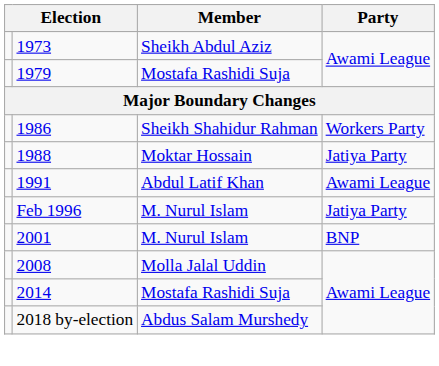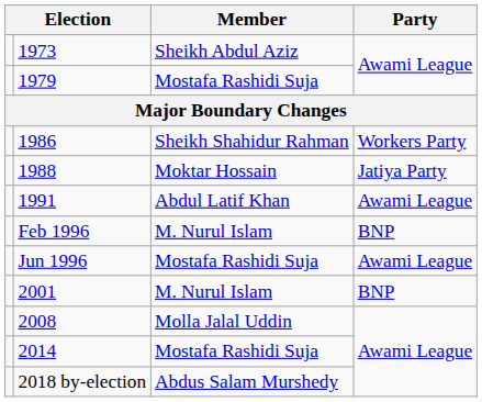 <table class="wikitable">
 <tr>
 <th colspan="2">Election</th>
 <th>Member</th>
 <th>Party</th>
 </tr>
 <tr>
 <td style="background-color:"></td>
 <td><a href='#'>1973</a></td>
 <td><a href='#'>Sheikh Abdul Aziz</a></td>
 <td rowspan="2"><a href='#'>Awami League</a></td>
 </tr>
 <tr>
 <td style="background-color:"></td>
 <td><a href='#'>1979</a></td>
 <td><a href='#'>Mostafa Rashidi Suja</a></td>
 </tr>
 <tr>
 <th colspan="4">Major Boundary Changes</th>
 </tr>
 <tr>
 <td style="background-color:"></td>
 <td><a href='#'>1986</a></td>
 <td><a href='#'>Sheikh Shahidur Rahman</a></td>
 <td><a href='#'>Workers Party</a></td>
 </tr>
 <tr>
 <td style="background-color:"></td>
 <td><a href='#'>1988</a></td>
 <td><a href='#'>Moktar Hossain</a></td>
 <td><a href='#'>Jatiya Party</a></td>
 </tr>
 <tr>
 <td style="background-color:"></td>
 <td><a href='#'>1991</a></td>
 <td><a href='#'>Abdul Latif Khan</a></td>
 <td><a href='#'>Awami League</a></td>
 </tr>
 <tr>
 <td style="background-color:"></td>
 <td><a href='#'>Feb 1996</a></td>
 <td><a href='#'>M. Nurul Islam</a></td>
-<td><a href='#'>Jatiya Party</a></td>
+<td><a href='#'>BNP</a></td>
+</tr>
+<tr>
+<td style="background-color:"></td>
+<td><a href='#'>Jun 1996</a></td>
+<td><a href='#'>Mostafa Rashidi Suja</a></td>
+<td><a href='#'>Awami League</a></td>
 </tr>
 <tr>
 <td style="background-color:"></td>
 <td><a href='#'>2001</a></td>
 <td><a href='#'>M. Nurul Islam</a></td>
 <td><a href='#'>BNP</a></td>
 </tr>
 <tr>
 <td style="background-color:"></td>
 <td><a href='#'>2008</a></td>
 <td><a href='#'>Molla Jalal Uddin</a></td>
 <td rowspan="3"><a href='#'>Awami League</a></td>
 </tr>
 <tr>
 <td style="background-color:"></td>
 <td><a href='#'>2014</a></td>
 <td><a href='#'>Mostafa Rashidi Suja</a></td>
 </tr>
 <tr>
 <td style="background-color:"></td>
 <td>2018 by-election</td>
 <td><a href='#'>Abdus Salam Murshedy</a></td>
 </tr>
 </table>
